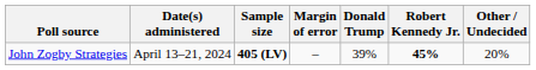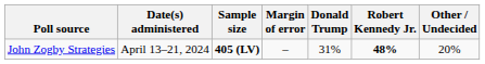 <table class="wikitable sortable mw-datatable" style="font-size:90%;text-align:center;line-height:17px">
 <tr valign=bottom>
 <th>Poll source</th>
 <th>Date(s)<br>administered</th>
 <th>Sample<br>size</th>
 <th>Margin<br>of error</th>
 <th class="unsortable">Donald<br>Trump<br></th>
 <th class="unsortable">Robert<br>Kennedy Jr.<br></th>
 <th class="unsortable">Other /<br>Undecided</th>
 </tr>
 <tr>
 <td style="text-align:left;"><a href='#'>John Zogby Strategies</a></td>
 <td data-sort-value="2024-05-01">April 13–21, 2024</td>
 <td><strong>405 (LV)</strong></td>
 <td>–</td>
-<td>39%</td>
-<td style="background-color:"><strong>45%</strong></td>
+<td>31%</td>
+<td style="background-color:"><strong>48%</strong></td>
 <td>20%</td>
 </tr>
 </table>
